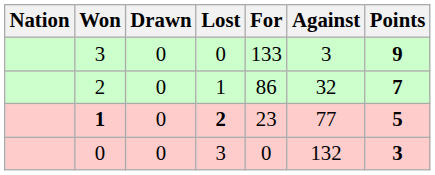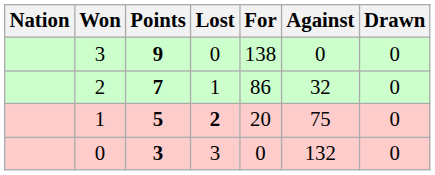 <table class="wikitable" style="text-align: center;">
 <tr>
 <th>Nation</th>
 <th>Won</th>
-<th>Drawn</th>
+<th>Points</th>
 <th>Lost</th>
 <th>For</th>
 <th>Against</th>
-<th>Points</th>
+<th>Drawn</th>
 </tr>
 <tr bgcolor=ccffcc>
 <td align="left"></td>
 <td>3</td>
+<td><strong>9</strong></td>
+<td>0</td>
+<td>138</td>
 <td>0</td>
 <td>0</td>
-<td>133</td>
-<td>3</td>
-<td><strong>9</strong></td>
 </tr>
 <tr bgcolor=ccffcc>
 <td align="left"></td>
 <td>2</td>
-<td>0</td>
+<td><strong>7</strong></td>
 <td>1</td>
 <td>86</td>
 <td>32</td>
-<td><strong>7</strong></td>
+<td>0</td>
 </tr>
 <tr style="background:#fcc">
 <td align="left"></td>
-<td><strong>1</strong></td>
+<td>1</td>
+<td><strong>5</strong></td>
+<td><strong>2</strong></td>
+<td>20</td>
+<td>75</td>
 <td>0</td>
-<td><strong>2</strong></td>
-<td>23</td>
-<td>77</td>
-<td><strong>5</strong></td>
 </tr>
 <tr style="background:#fcc">
 <td align="left"></td>
 <td>0</td>
-<td>0</td>
+<td><strong>3</strong></td>
 <td>3</td>
 <td>0</td>
 <td>132</td>
-<td><strong>3</strong></td>
+<td>0</td>
 </tr>
 </table>
